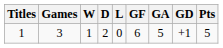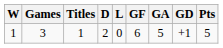 <table class="wikitable" style="text-align: center">
 <tr>
+<th scope="col">W</th>
+<th scope="col">Games</th>
 <th scope="col">Titles</th>
-<th scope="col">Games</th>
-<th scope="col">W</th>
 <th scope="col">D</th>
 <th scope="col">L</th>
 <th scope="col">GF</th>
 <th scope="col">GA</th>
 <th scope="col">GD</th>
 <th scope="col">Pts</th>
 </tr>
 <tr>
 <td>1</td>
 <td>3</td>
 <td>1</td>
 <td>2</td>
 <td>0</td>
 <td>6</td>
 <td>5</td>
 <td>+1</td>
 <td>5</td>
 </tr>
 </table>
